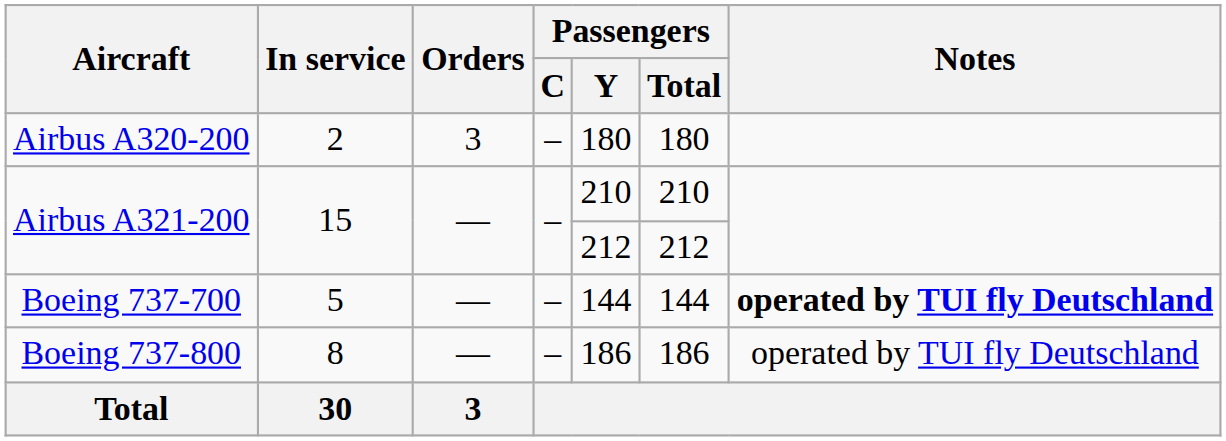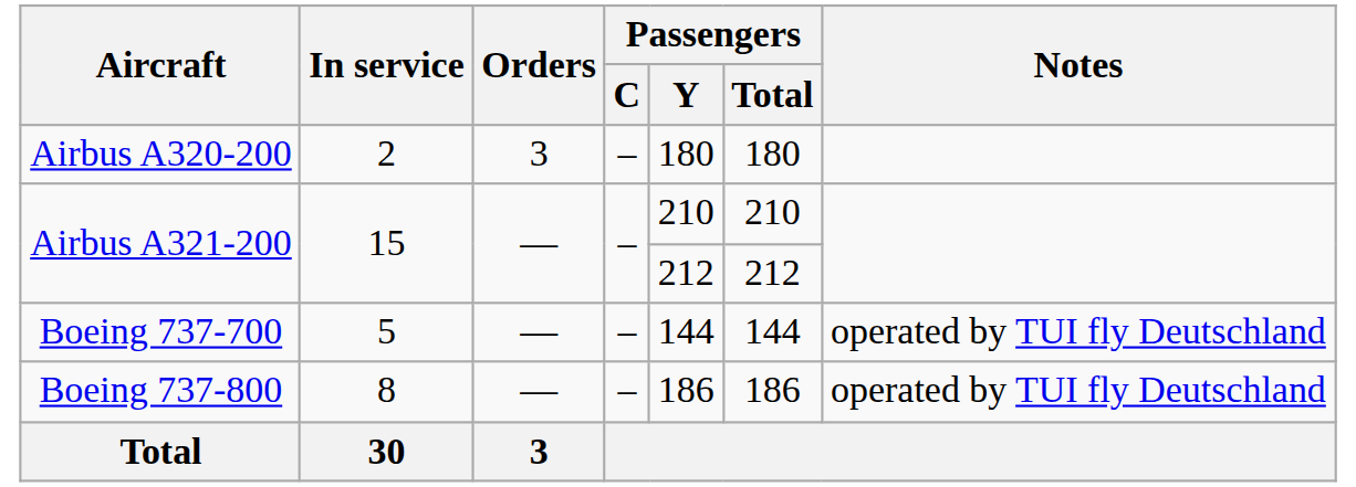 <table class="wikitable" style="margin:0.5em auto; text-align:center">
 <tr>
 <th rowspan="2">Aircraft</th>
 <th rowspan="2">In service</th>
 <th rowspan="2">Orders</th>
 <th colspan="3">Passengers</th>
 <th rowspan="2">Notes</th>
 </tr>
 <tr>
 <th><abbr>C</abbr></th>
 <th><abbr>Y</abbr></th>
 <th>Total</th>
 </tr>
 <tr>
 <td><a href='#'>Airbus A320-200</a></td>
 <td>2</td>
 <td>3</td>
 <td>–</td>
 <td>180</td>
 <td>180</td>
 <td></td>
 </tr>
 <tr>
 <td rowspan="2"><a href='#'>Airbus A321-200</a></td>
 <td rowspan="2">15</td>
 <td rowspan="2">—</td>
 <td rowspan="2">–</td>
 <td>210</td>
 <td>210</td>
 <td rowspan="2"></td>
 </tr>
 <tr>
 <td>212</td>
 <td>212</td>
 </tr>
 <tr>
 <td><a href='#'>Boeing 737-700</a></td>
 <td>5</td>
 <td>—</td>
 <td>–</td>
 <td>144</td>
 <td>144</td>
-<td><strong>operated by <a href='#'>TUI fly Deutschland</a></strong></td>
+<td>operated by <a href='#'>TUI fly Deutschland</a></td>
 </tr>
 <tr>
 <td><a href='#'>Boeing 737-800</a></td>
 <td>8</td>
 <td>—</td>
 <td>–</td>
 <td>186</td>
 <td>186</td>
 <td>operated by <a href='#'>TUI fly Deutschland</a></td>
 </tr>
 <tr>
 <th>Total</th>
 <th>30</th>
 <th>3</th>
 <th colspan="4"></th>
 </tr>
 </table>
